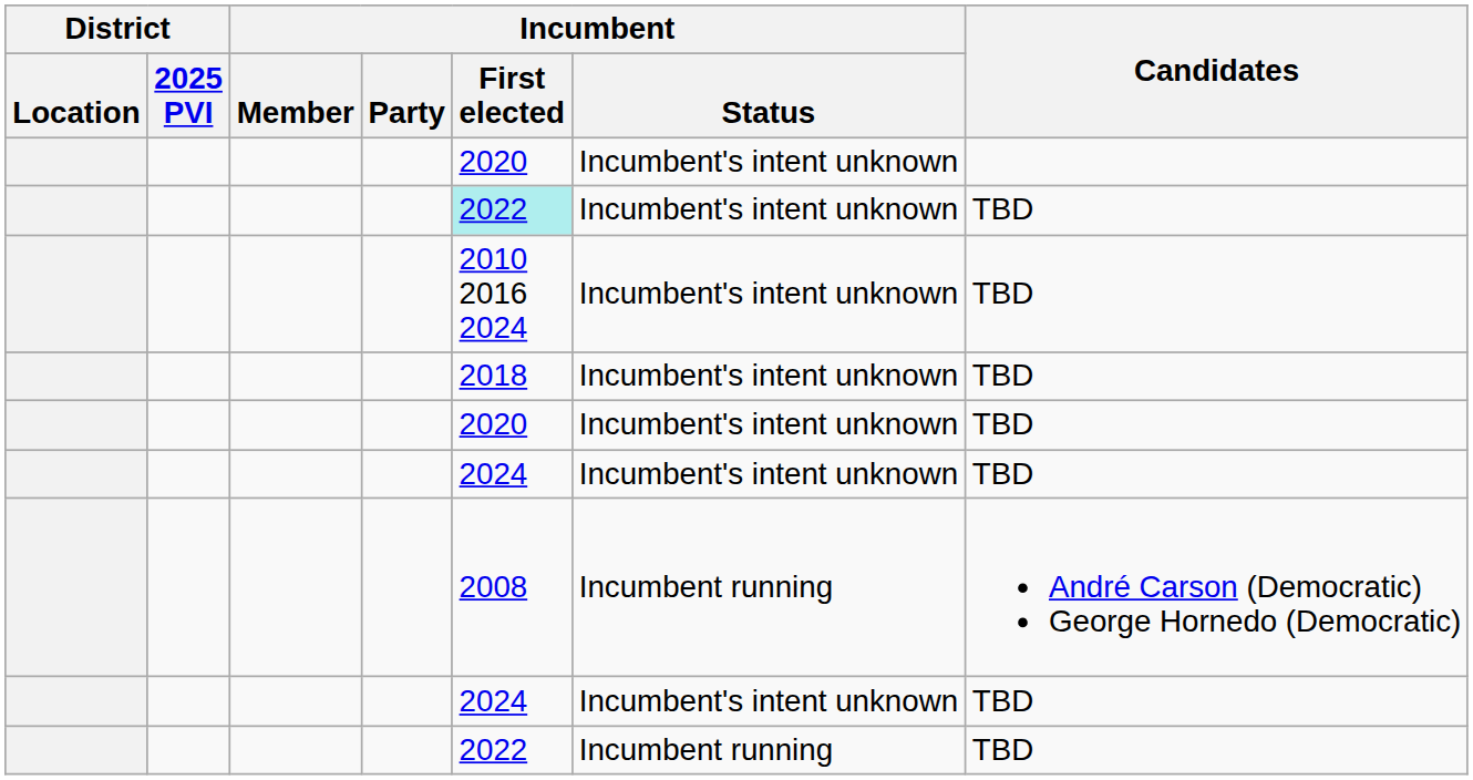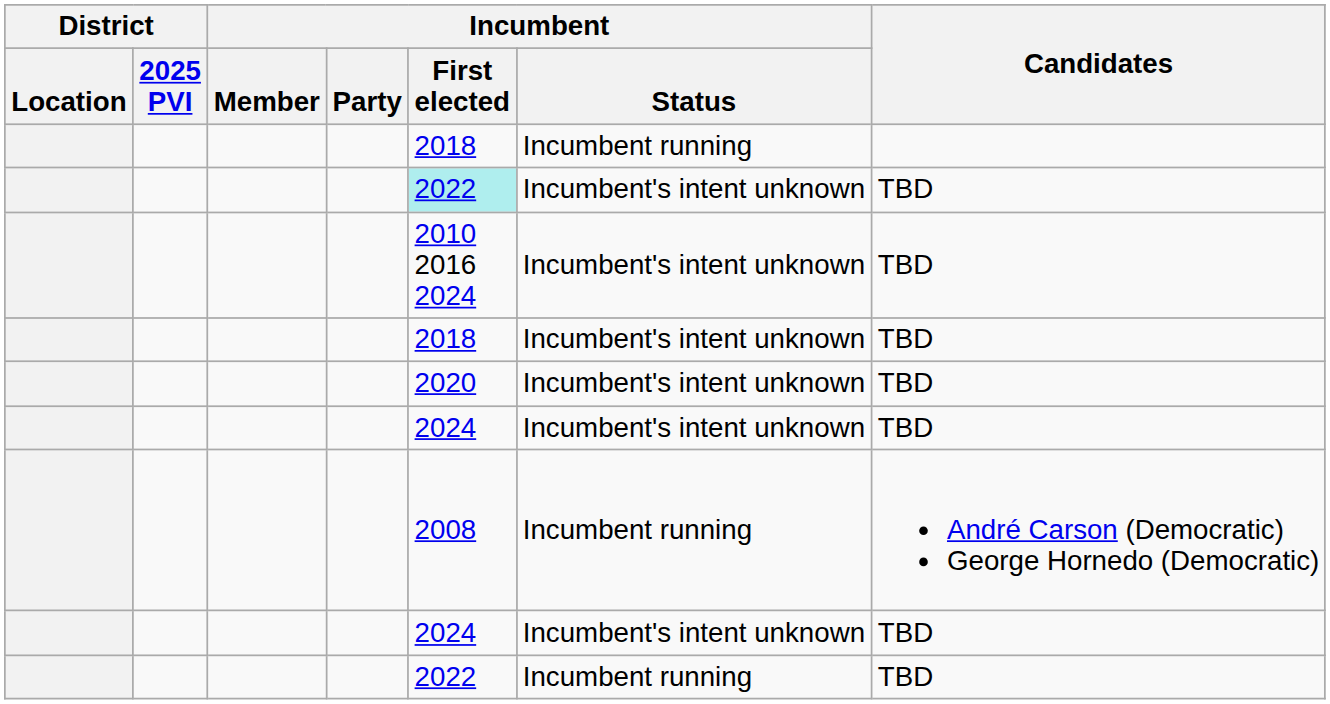 <table class="wikitable sortable">
 <tr>
 <th colspan=2>District</th>
 <th colspan=4>Incumbent</th>
 <th rowspan=2 class="unsortable">Candidates</th>
 </tr>
 <tr valign=bottom>
 <th>Location</th>
 <th><a href='#'>2025<br>PVI</a></th>
 <th>Member</th>
 <th>Party</th>
 <th>First<br>elected</th>
 <th>Status</th>
 </tr>
 <tr>
 <th></th>
 <td></td>
 <td></td>
 <td></td>
-<td><a href='#'>2020</a></td>
-<td>Incumbent's intent unknown</td>
+<td><a href='#'>2018</a></td>
+<td>Incumbent running</td>
 <td></td>
 </tr>
 <tr>
 <th></th>
 <td></td>
 <td></td>
 <td></td>
 <td style="background: paleturquoise;"><a href='#'>2022 </a></td>
 <td>Incumbent's intent unknown</td>
 <td>TBD</td>
 </tr>
 <tr>
 <th></th>
 <td></td>
 <td></td>
 <td></td>
 <td><a href='#'>2010 </a><br>2016 <br><a href='#'>2024</a></td>
 <td>Incumbent's intent unknown</td>
 <td>TBD</td>
 </tr>
 <tr>
 <th></th>
 <td></td>
 <td></td>
 <td></td>
 <td><a href='#'>2018</a></td>
 <td>Incumbent's intent unknown</td>
 <td>TBD</td>
 </tr>
 <tr>
 <th></th>
 <td></td>
 <td></td>
 <td></td>
 <td><a href='#'>2020</a></td>
 <td>Incumbent's intent unknown</td>
 <td>TBD</td>
 </tr>
 <tr>
 <th></th>
 <td></td>
 <td></td>
 <td></td>
 <td><a href='#'>2024</a></td>
 <td>Incumbent's intent unknown</td>
 <td>TBD</td>
 </tr>
 <tr>
 <th></th>
 <td></td>
 <td></td>
 <td></td>
 <td><a href='#'>2008 </a></td>
 <td>Incumbent running</td>
 <td><br><ul><li><a href='#'>André Carson</a> (Democratic)</li><li>George Hornedo (Democratic)</li></ul></td>
 </tr>
 <tr>
 <th></th>
 <td></td>
 <td></td>
 <td></td>
 <td><a href='#'>2024</a></td>
 <td>Incumbent's intent unknown</td>
 <td>TBD</td>
 </tr>
 <tr>
 <th></th>
 <td></td>
 <td></td>
 <td></td>
 <td><a href='#'>2022</a></td>
 <td>Incumbent running</td>
 <td>TBD</td>
 </tr>
 </table>
